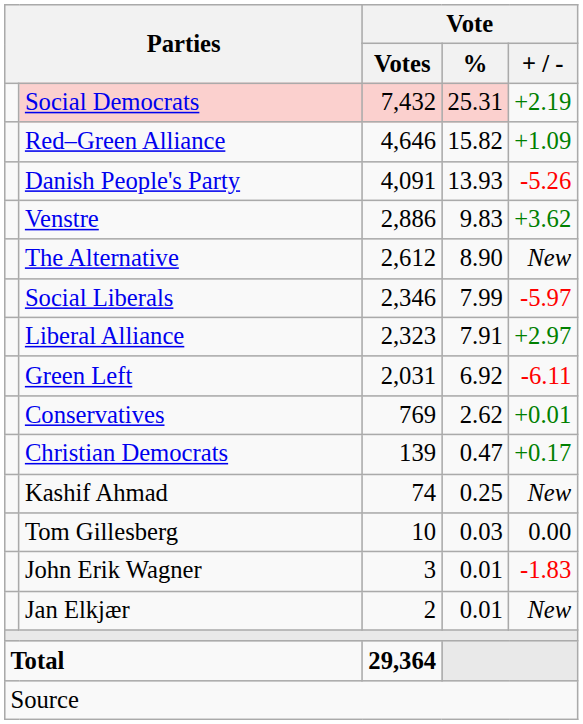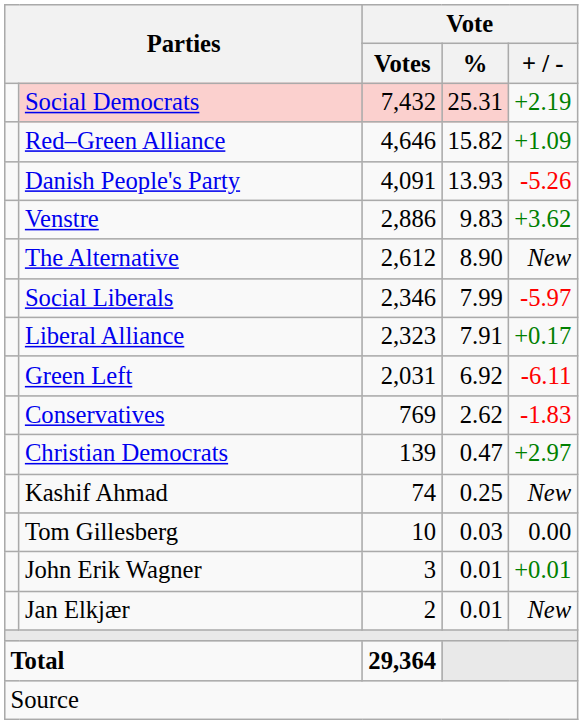 <table class="wikitable" style="text-align:right;">
 <tr>
 <th style="text-align:centre;" rowspan="2" colspan="2" width="225">Parties</th>
 <th colspan="3">Vote</th>
 </tr>
 <tr>
 <th width="15">Votes</th>
 <th width="15">%</th>
 <th width="15">+ / -</th>
 </tr>
 <tr>
 <td width="2" style="color:inherit;background:"></td>
 <td bgcolor=#fbd0ce  align="left"><a href='#'>Social Democrats</a></td>
 <td bgcolor=#fbd0ce>7,432</td>
 <td bgcolor=#fbd0ce>25.31</td>
 <td style=color:green;>+2.19</td>
 </tr>
 <tr>
 <td width="2" style="color:inherit;background:"></td>
 <td align="left"><a href='#'>Red–Green Alliance</a></td>
 <td>4,646</td>
 <td>15.82</td>
 <td style=color:green;>+1.09</td>
 </tr>
 <tr>
 <td width="2" style="color:inherit;background:"></td>
 <td align="left"><a href='#'>Danish People's Party</a></td>
 <td>4,091</td>
 <td>13.93</td>
 <td style=color:red;>-5.26</td>
 </tr>
 <tr>
 <td width="2" style="color:inherit;background:"></td>
 <td align="left"><a href='#'>Venstre</a></td>
 <td>2,886</td>
 <td>9.83</td>
 <td style=color:green;>+3.62</td>
 </tr>
 <tr>
 <td width="2" style="color:inherit;background:"></td>
 <td align="left"><a href='#'>The Alternative</a></td>
 <td>2,612</td>
 <td>8.90</td>
 <td><em>New</em></td>
 </tr>
 <tr>
 <td width="2" style="color:inherit;background:"></td>
 <td align="left"><a href='#'>Social Liberals</a></td>
 <td>2,346</td>
 <td>7.99</td>
 <td style=color:red;>-5.97</td>
 </tr>
 <tr>
 <td width="2" style="color:inherit;background:"></td>
 <td align="left"><a href='#'>Liberal Alliance</a></td>
 <td>2,323</td>
 <td>7.91</td>
-<td style=color:green;>+2.97</td>
+<td style=color:green;>+0.17</td>
 </tr>
 <tr>
 <td width="2" style="color:inherit;background:"></td>
 <td align="left"><a href='#'>Green Left</a></td>
 <td>2,031</td>
 <td>6.92</td>
 <td style=color:red;>-6.11</td>
 </tr>
 <tr>
 <td width="2" style="color:inherit;background:"></td>
 <td align="left"><a href='#'>Conservatives</a></td>
 <td>769</td>
 <td>2.62</td>
-<td style=color:green;>+0.01</td>
+<td style=color:red;>-1.83</td>
 </tr>
 <tr>
 <td width="2" style="color:inherit;background:"></td>
 <td align="left"><a href='#'>Christian Democrats</a></td>
 <td>139</td>
 <td>0.47</td>
-<td style=color:green;>+0.17</td>
+<td style=color:green;>+2.97</td>
 </tr>
 <tr>
 <td width="2" style="color:inherit;background:"></td>
 <td align="left">Kashif Ahmad</td>
 <td>74</td>
 <td>0.25</td>
 <td><em>New</em></td>
 </tr>
 <tr>
 <td width="2" style="color:inherit;background:"></td>
 <td align="left">Tom Gillesberg</td>
 <td>10</td>
 <td>0.03</td>
 <td>0.00</td>
 </tr>
 <tr>
 <td width="2" style="color:inherit;background:"></td>
 <td align="left">John Erik Wagner</td>
 <td>3</td>
 <td>0.01</td>
-<td style=color:red;>-1.83</td>
+<td style=color:green;>+0.01</td>
 </tr>
 <tr>
 <td width="2" style="color:inherit;background:"></td>
 <td align="left">Jan Elkjær</td>
 <td>2</td>
 <td>0.01</td>
 <td><em>New</em></td>
 </tr>
 <tr>
 <td colspan="7" bgcolor="#E9E9E9"></td>
 </tr>
 <tr>
 <td align="left" colspan="2"><strong>Total</strong></td>
 <td><strong>29,364</strong></td>
 <td bgcolor="#E9E9E9" colspan="2"></td>
 </tr>
 <tr>
 <td align="left" colspan="6">Source</td>
 </tr>
 </table>
